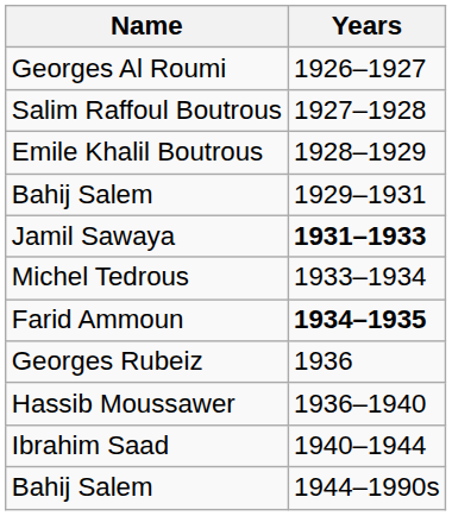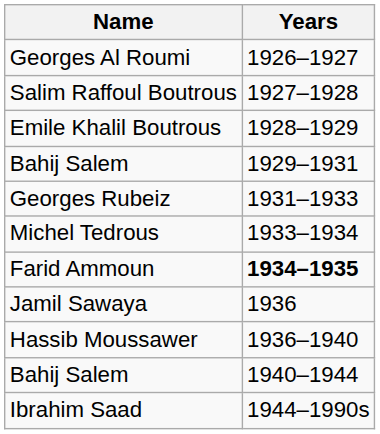 <table class="wikitable">
 <tr>
 <th>Name</th>
 <th>Years</th>
 </tr>
 <tr>
 <td>Georges Al Roumi</td>
 <td>1926–1927</td>
 </tr>
 <tr>
 <td>Salim Raffoul Boutrous</td>
 <td>1927–1928</td>
 </tr>
 <tr>
 <td>Emile Khalil Boutrous</td>
 <td>1928–1929</td>
 </tr>
 <tr>
 <td>Bahij Salem</td>
 <td>1929–1931</td>
 </tr>
 <tr>
-<td>Jamil Sawaya</td>
-<td><strong>1931–1933</strong></td>
+<td>Georges Rubeiz</td>
+<td>1931–1933</td>
 </tr>
 <tr>
 <td>Michel Tedrous</td>
 <td>1933–1934</td>
 </tr>
 <tr>
 <td>Farid Ammoun</td>
 <td><strong>1934–1935</strong></td>
 </tr>
 <tr>
-<td>Georges Rubeiz</td>
+<td>Jamil Sawaya</td>
 <td>1936</td>
 </tr>
 <tr>
 <td>Hassib Moussawer</td>
 <td>1936–1940</td>
 </tr>
 <tr>
-<td>Ibrahim Saad</td>
+<td>Bahij Salem</td>
 <td>1940–1944</td>
 </tr>
 <tr>
-<td>Bahij Salem</td>
+<td>Ibrahim Saad</td>
 <td>1944–1990s</td>
 </tr>
 </table>
